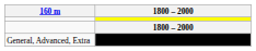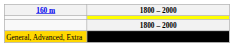 <table class="wikitable" style="font-size:70%">
 <tr>
 <th width=120px><a href='#'>160 m</a></th>
 <th width=210px>1800 – 2000</th>
 </tr>
 <tr>
 <td></td>
 <td style="background-color: yellow"></td>
 </tr>
 <tr>
 <td></td>
 <th>1800 – 2000</th>
 </tr>
 <tr>
-<td>General, Advanced, Extra</td>
+<td style="background: gold;">General, Advanced, Extra</td>
 <td style="background-color: black"></td>
 </tr>
 </table>
